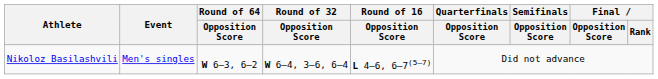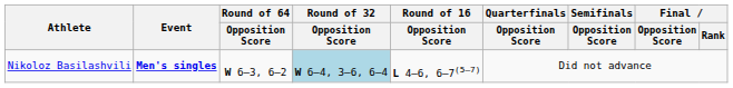 <table class=wikitable style="font-size:90%">
 <tr>
 <th rowspan="2">Athlete</th>
 <th rowspan="2">Event</th>
 <th>Round of 64</th>
 <th>Round of 32</th>
 <th>Round of 16</th>
 <th>Quarterfinals</th>
 <th>Semifinals</th>
 <th colspan=2>Final / </th>
 </tr>
 <tr style="font-size:95%">
 <th>Opposition<br>Score</th>
 <th>Opposition<br>Score</th>
 <th>Opposition<br>Score</th>
 <th>Opposition<br>Score</th>
 <th>Opposition<br>Score</th>
 <th>Opposition<br>Score</th>
 <th>Rank</th>
 </tr>
 <tr align=center>
 <td align=left><a href='#'>Nikoloz Basilashvili</a></td>
-<td align=left><a href='#'>Men's singles</a></td>
+<td align=left><strong><a href='#'>Men's singles</a></strong></td>
 <td><br><strong>W</strong> 6–3, 6–2</td>
-<td><br><strong>W</strong> 6–4, 3–6, 6–4</td>
+<td style="background: lightblue;"><br><strong>W</strong> 6–4, 3–6, 6–4</td>
 <td><br><strong>L</strong> 4–6, 6–7<sup>(5–7)</sup></td>
 <td colspan=4>Did not advance</td>
 </tr>
 </table>
